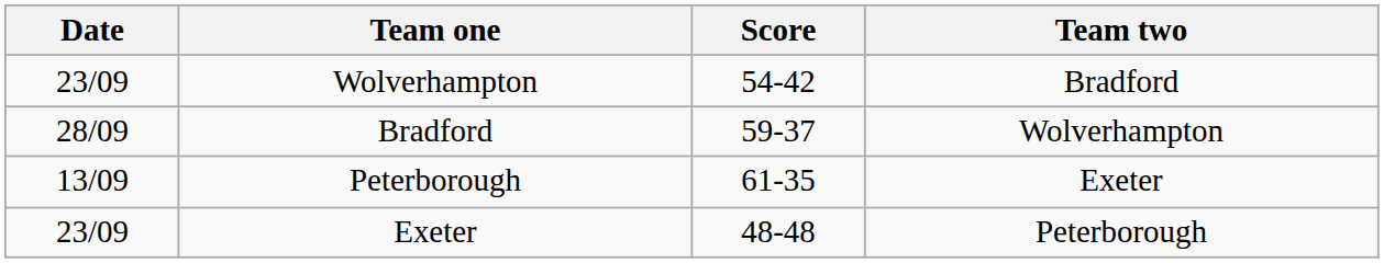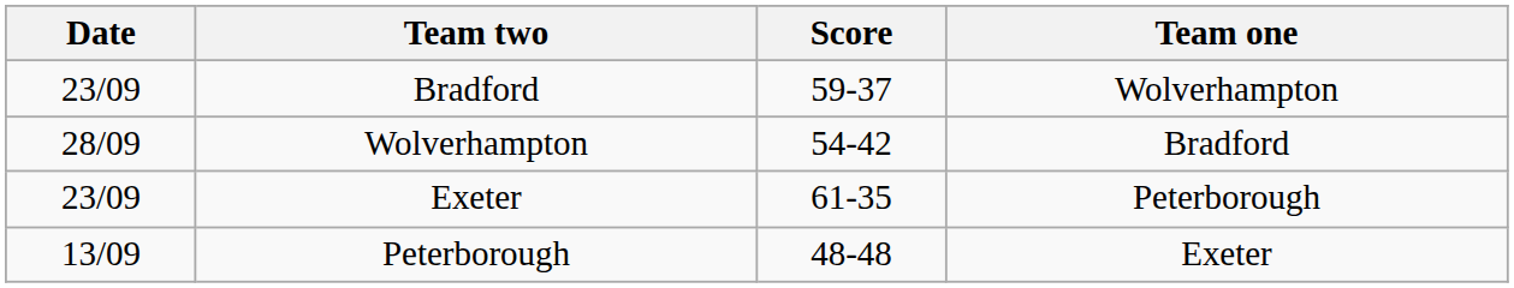 <table class="wikitable" style="text-align: center">
 <tr>
 <th width=80>Date</th>
+<th width=250>Team two</th>
+<th width=80>Score</th>
 <th width=250>Team one</th>
-<th width=80>Score</th>
-<th width=250>Team two</th>
 </tr>
 <tr>
 <td>23/09</td>
+<td>Bradford</td>
+<td>59-37</td>
+<td>Wolverhampton</td>
+</tr>
+<tr>
+<td>28/09</td>
 <td>Wolverhampton</td>
 <td>54-42</td>
 <td>Bradford</td>
 </tr>
 <tr>
-<td>28/09</td>
-<td>Bradford</td>
-<td>59-37</td>
-<td>Wolverhampton</td>
+<td>23/09</td>
+<td>Exeter</td>
+<td>61-35</td>
+<td>Peterborough</td>
 </tr>
 <tr>
 <td>13/09</td>
 <td>Peterborough</td>
-<td>61-35</td>
+<td>48-48</td>
 <td>Exeter</td>
 </tr>
-<tr>
-<td>23/09</td>
-<td>Exeter</td>
-<td>48-48</td>
-<td>Peterborough</td>
-</tr>
 </table>
